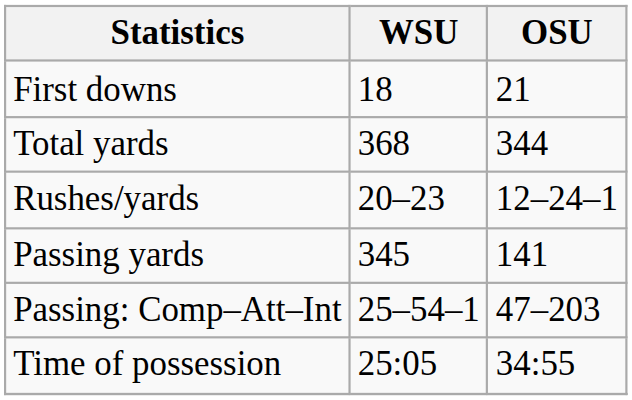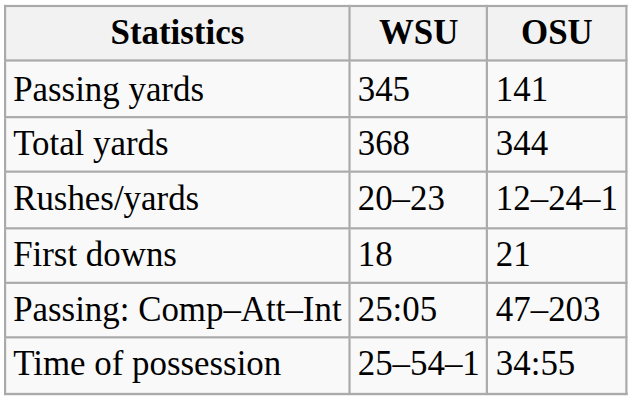 <table class="wikitable" style="float: left;">
 <tr>
 <th>Statistics</th>
 <th>WSU</th>
 <th>OSU</th>
 </tr>
 <tr>
-<td>First downs</td>
-<td>18</td>
-<td>21</td>
+<td>Passing yards</td>
+<td>345</td>
+<td>141</td>
 </tr>
 <tr>
 <td>Total yards</td>
 <td>368</td>
 <td>344</td>
 </tr>
 <tr>
 <td>Rushes/yards</td>
 <td>20–23</td>
 <td>12–24–1</td>
 </tr>
 <tr>
-<td>Passing yards</td>
-<td>345</td>
-<td>141</td>
+<td>First downs</td>
+<td>18</td>
+<td>21</td>
 </tr>
 <tr>
 <td>Passing: Comp–Att–Int</td>
-<td>25–54–1</td>
+<td>25:05</td>
 <td>47–203</td>
 </tr>
 <tr>
 <td>Time of possession</td>
-<td>25:05</td>
+<td>25–54–1</td>
 <td>34:55</td>
 </tr>
 <tr>
 </tr>
 </table>
